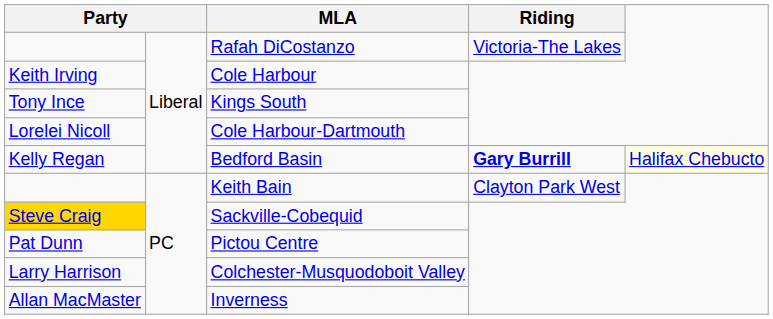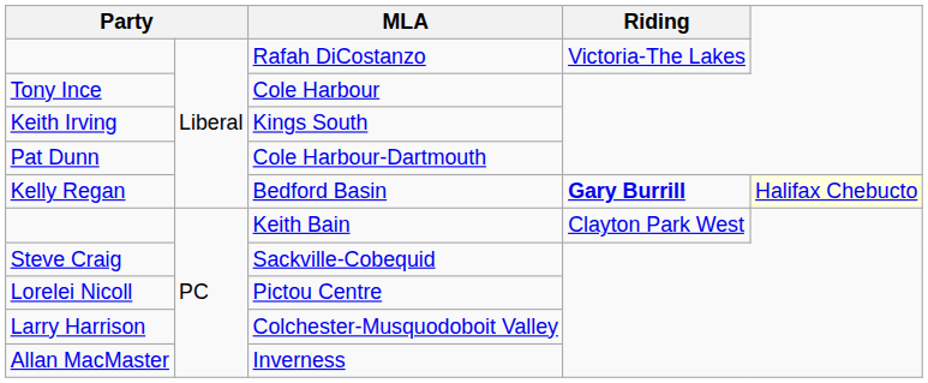 <table class="wikitable">
 <tr>
 <th colspan="2">Party</th>
 <th>MLA</th>
 <th>Riding</th>
 </tr>
 <tr>
 <td style="background-color:"> </td>
 <td rowspan="5">Liberal</td>
 <td><a href='#'>Rafah DiCostanzo</a></td>
 <td><a href='#'>Victoria-The Lakes</a></td>
 </tr>
 <tr>
-<td><a href='#'>Keith Irving</a></td>
+<td><a href='#'>Tony Ince</a></td>
 <td><a href='#'>Cole Harbour</a></td>
 </tr>
 <tr>
-<td><a href='#'>Tony Ince</a></td>
+<td><a href='#'>Keith Irving</a></td>
 <td><a href='#'>Kings South</a></td>
 </tr>
 <tr>
-<td><a href='#'>Lorelei Nicoll</a></td>
+<td><a href='#'>Pat Dunn</a></td>
 <td><a href='#'>Cole Harbour-Dartmouth</a></td>
 </tr>
 <tr>
 <td><a href='#'>Kelly Regan</a></td>
 <td><a href='#'>Bedford Basin</a><br></td>
 <td><strong><a href='#'>Gary Burrill</a></strong></td>
 <td style="background: lightyellow;"><a href='#'>Halifax Chebucto</a></td>
 </tr>
 <tr>
 <td style="background-color:"> </td>
 <td rowspan="5">PC</td>
 <td><a href='#'>Keith Bain</a></td>
 <td><a href='#'>Clayton Park West</a></td>
 </tr>
 <tr>
-<td style="background: gold;"><a href='#'>Steve Craig</a></td>
+<td><a href='#'>Steve Craig</a></td>
 <td><a href='#'>Sackville-Cobequid</a></td>
 </tr>
 <tr>
-<td><a href='#'>Pat Dunn</a></td>
+<td><a href='#'>Lorelei Nicoll</a></td>
 <td><a href='#'>Pictou Centre</a></td>
 </tr>
 <tr>
 <td><a href='#'>Larry Harrison</a></td>
 <td><a href='#'>Colchester-Musquodoboit Valley</a></td>
 </tr>
 <tr>
 <td><a href='#'>Allan MacMaster</a></td>
 <td><a href='#'>Inverness</a></td>
 </tr>
 </table>
